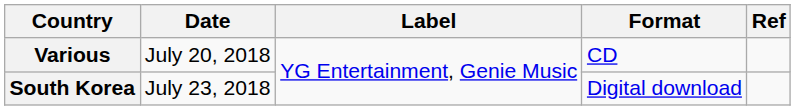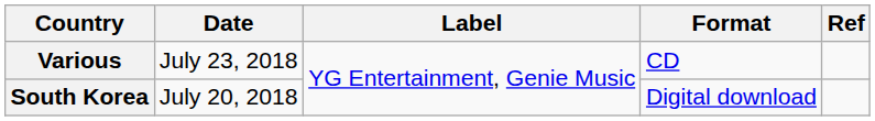 <table class="wikitable plainrowheaders">
 <tr>
 <th>Country</th>
 <th>Date</th>
 <th>Label</th>
 <th>Format</th>
 <th>Ref</th>
 </tr>
 <tr>
 <th scope="row">Various</th>
-<td>July 20, 2018</td>
+<td>July 23, 2018</td>
 <td rowspan="2"><a href='#'>YG Entertainment</a>, <a href='#'>Genie Music</a></td>
 <td><a href='#'>CD</a></td>
 <td></td>
 </tr>
 <tr>
 <th scope="row">South Korea</th>
-<td>July 23, 2018</td>
+<td>July 20, 2018</td>
 <td><a href='#'>Digital download</a></td>
 <td></td>
 </tr>
 </table>
